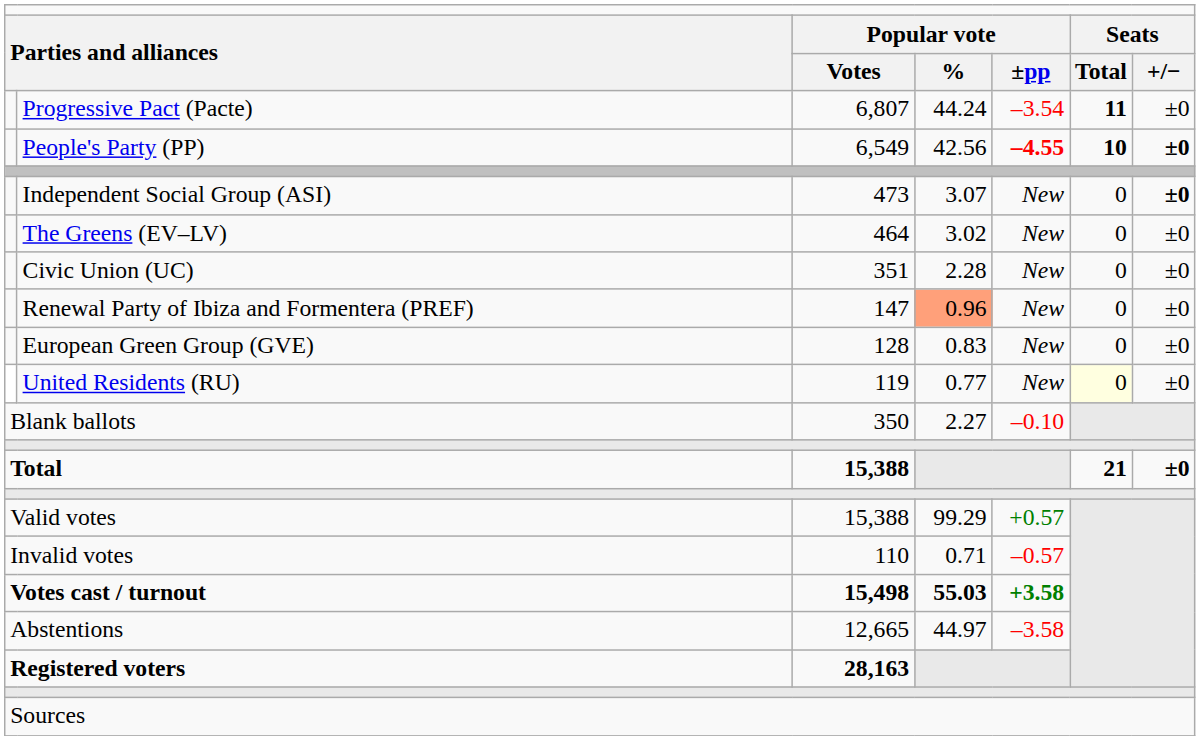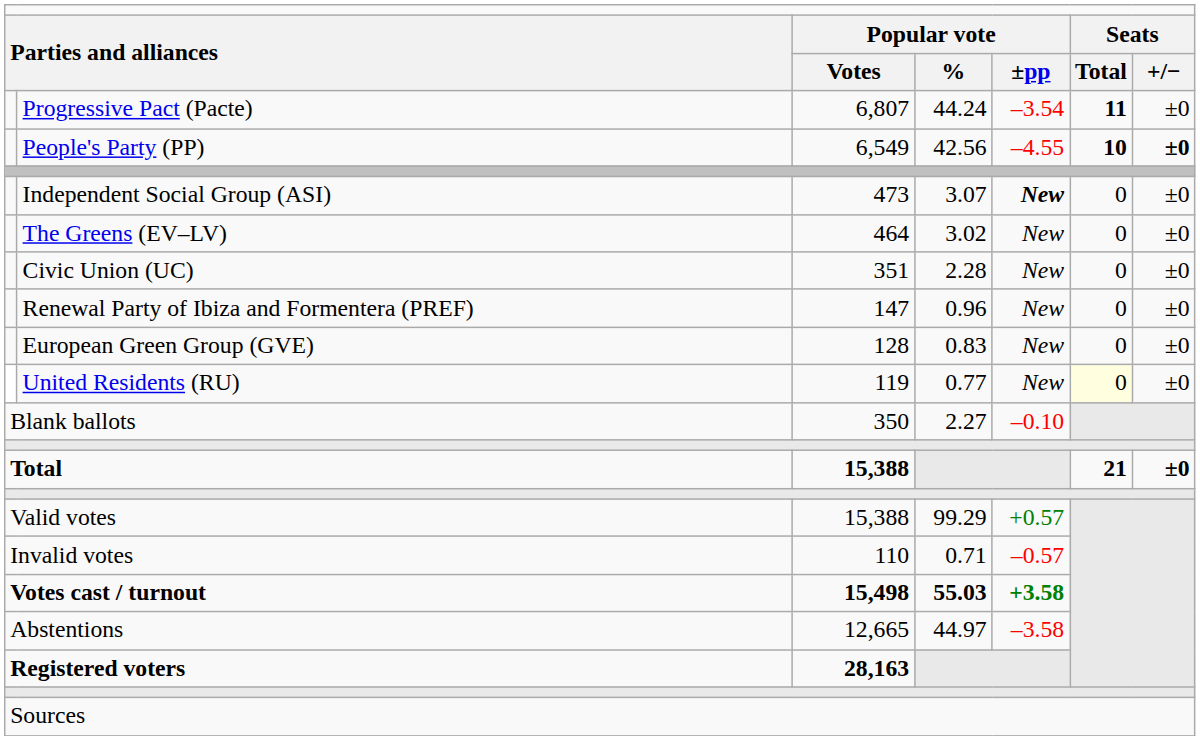 <table class="wikitable" style="text-align:right;">
 <tr>
 <td colspan="7"></td>
 </tr>
 <tr>
 <th style="text-align:left;" rowspan="2" colspan="2" width="525">Parties and alliances</th>
 <th colspan="3">Popular vote</th>
 <th colspan="2">Seats</th>
 </tr>
 <tr>
 <th width="75">Votes</th>
 <th width="45">%</th>
 <th width="45">±<a href='#'>pp</a></th>
 <th width="35">Total</th>
 <th width="35">+/−</th>
 </tr>
 <tr>
 <td width="1" style="color:inherit;background:"></td>
 <td align="left"><a href='#'>Progressive Pact</a> (Pacte)</td>
 <td>6,807</td>
 <td>44.24</td>
 <td style="color:red;">–3.54</td>
 <td><strong>11</strong></td>
 <td>±0</td>
 </tr>
 <tr>
 <td style="color:inherit;background:"></td>
 <td align="left"><a href='#'>People's Party</a> (PP)</td>
 <td>6,549</td>
 <td>42.56</td>
-<td style="color:red;"><strong>–4.55</strong></td>
+<td style="color:red;">–4.55</td>
 <td><strong>10</strong></td>
 <td><strong>±0</strong></td>
 </tr>
 <tr>
 <td colspan="7" bgcolor="#C0C0C0"></td>
 </tr>
 <tr>
 <td style="color:inherit;background:"></td>
 <td align="left">Independent Social Group (ASI)</td>
 <td>473</td>
 <td>3.07</td>
-<td><em>New</em></td>
+<td><strong><em>New</em></strong></td>
 <td>0</td>
-<td><strong>±0</strong></td>
+<td>±0</td>
 </tr>
 <tr>
 <td style="color:inherit;background:"></td>
 <td align="left"><a href='#'>The Greens</a> (EV–LV)</td>
 <td>464</td>
 <td>3.02</td>
 <td><em>New</em></td>
 <td>0</td>
 <td>±0</td>
 </tr>
 <tr>
 <td style="color:inherit;background:"></td>
 <td align="left">Civic Union (UC)</td>
 <td>351</td>
 <td>2.28</td>
 <td><em>New</em></td>
 <td>0</td>
 <td>±0</td>
 </tr>
 <tr>
 <td style="color:inherit;background:"></td>
 <td align="left">Renewal Party of Ibiza and Formentera (PREF)</td>
 <td>147</td>
-<td style="background: lightsalmon;">0.96</td>
+<td>0.96</td>
 <td><em>New</em></td>
 <td>0</td>
 <td>±0</td>
 </tr>
 <tr>
 <td style="color:inherit;background:"></td>
 <td align="left">European Green Group (GVE)</td>
 <td>128</td>
 <td>0.83</td>
 <td><em>New</em></td>
 <td>0</td>
 <td>±0</td>
 </tr>
 <tr>
 <td bgcolor="white"></td>
 <td align="left"><a href='#'>United Residents</a> (RU)</td>
 <td>119</td>
 <td>0.77</td>
 <td><em>New</em></td>
 <td style="background: lightyellow;">0</td>
 <td>±0</td>
 </tr>
 <tr>
 <td align="left" colspan="2">Blank ballots</td>
 <td>350</td>
 <td>2.27</td>
 <td style="color:red;">–0.10</td>
 <td bgcolor="#E9E9E9" colspan="2"></td>
 </tr>
 <tr>
 <td colspan="7" bgcolor="#E9E9E9"></td>
 </tr>
 <tr style="font-weight:bold;">
 <td align="left" colspan="2">Total</td>
 <td>15,388</td>
 <td bgcolor="#E9E9E9" colspan="2"></td>
 <td>21</td>
 <td>±0</td>
 </tr>
 <tr>
 <td colspan="7" bgcolor="#E9E9E9"></td>
 </tr>
 <tr>
 <td align="left" colspan="2">Valid votes</td>
 <td>15,388</td>
 <td>99.29</td>
 <td style="color:green;">+0.57</td>
 <td bgcolor="#E9E9E9" colspan="2" rowspan="5"></td>
 </tr>
 <tr>
 <td align="left" colspan="2">Invalid votes</td>
 <td>110</td>
 <td>0.71</td>
 <td style="color:red;">–0.57</td>
 </tr>
 <tr style="font-weight:bold;">
 <td align="left" colspan="2">Votes cast / turnout</td>
 <td>15,498</td>
 <td>55.03</td>
 <td style="color:green;">+3.58</td>
 </tr>
 <tr>
 <td align="left" colspan="2">Abstentions</td>
 <td>12,665</td>
 <td>44.97</td>
 <td style="color:red;">–3.58</td>
 </tr>
 <tr style="font-weight:bold;">
 <td align="left" colspan="2">Registered voters</td>
 <td>28,163</td>
 <td bgcolor="#E9E9E9" colspan="2"></td>
 </tr>
 <tr>
 <td colspan="7" bgcolor="#E9E9E9"></td>
 </tr>
 <tr>
 <td align="left" colspan="7">Sources</td>
 </tr>
 </table>
